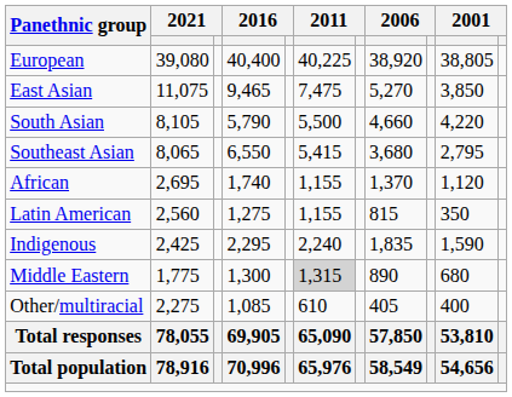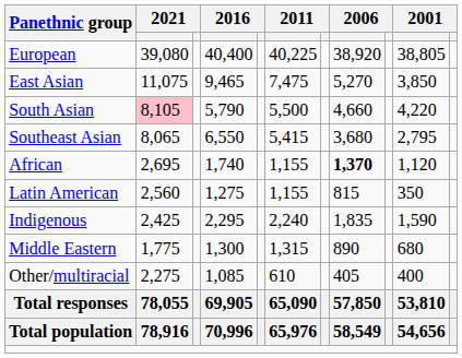 <table class="wikitable collapsible sortable">
 <tr>
 <th rowspan="2"><a href='#'>Panethnic</a> group</th>
 <th colspan="2">2021</th>
 <th colspan="2">2016</th>
 <th colspan="2">2011</th>
 <th colspan="2">2006</th>
 <th colspan="2">2001</th>
 </tr>
 <tr>
 <th><a href='#'></a></th>
 <th></th>
 <th></th>
 <th></th>
 <th></th>
 <th></th>
 <th></th>
 <th></th>
 <th></th>
 <th></th>
 </tr>
 <tr>
 <td><a href='#'>European</a></td>
 <td>39,080</td>
 <td></td>
 <td>40,400</td>
 <td></td>
 <td>40,225</td>
 <td></td>
 <td>38,920</td>
 <td></td>
 <td>38,805</td>
 <td></td>
 </tr>
 <tr>
 <td><a href='#'>East Asian</a></td>
 <td>11,075</td>
 <td></td>
 <td>9,465</td>
 <td></td>
 <td>7,475</td>
 <td></td>
 <td>5,270</td>
 <td></td>
 <td>3,850</td>
 <td></td>
 </tr>
 <tr>
 <td><a href='#'>South Asian</a></td>
-<td>8,105</td>
+<td style="background: pink;">8,105</td>
 <td></td>
 <td>5,790</td>
 <td></td>
 <td>5,500</td>
 <td></td>
 <td>4,660</td>
 <td></td>
 <td>4,220</td>
 <td></td>
 </tr>
 <tr>
 <td><a href='#'>Southeast Asian</a></td>
 <td>8,065</td>
 <td></td>
 <td>6,550</td>
 <td></td>
 <td>5,415</td>
 <td></td>
 <td>3,680</td>
 <td></td>
 <td>2,795</td>
 <td></td>
 </tr>
 <tr>
 <td><a href='#'>African</a></td>
 <td>2,695</td>
 <td></td>
 <td>1,740</td>
 <td></td>
 <td>1,155</td>
 <td></td>
-<td>1,370</td>
+<td><strong>1,370</strong></td>
 <td></td>
 <td>1,120</td>
 <td></td>
 </tr>
 <tr>
 <td><a href='#'>Latin American</a></td>
 <td>2,560</td>
 <td></td>
 <td>1,275</td>
 <td></td>
 <td>1,155</td>
 <td></td>
 <td>815</td>
 <td></td>
 <td>350</td>
 <td></td>
 </tr>
 <tr>
 <td><a href='#'>Indigenous</a></td>
 <td>2,425</td>
 <td></td>
 <td>2,295</td>
 <td></td>
 <td>2,240</td>
 <td></td>
 <td>1,835</td>
 <td></td>
 <td>1,590</td>
 <td></td>
 </tr>
 <tr>
 <td><a href='#'>Middle Eastern</a></td>
 <td>1,775</td>
 <td></td>
 <td>1,300</td>
 <td></td>
-<td style="background: lightgrey;">1,315</td>
+<td>1,315</td>
 <td></td>
 <td>890</td>
 <td></td>
 <td>680</td>
 <td></td>
 </tr>
 <tr>
 <td>Other/<a href='#'>multiracial</a></td>
 <td>2,275</td>
 <td></td>
 <td>1,085</td>
 <td></td>
 <td>610</td>
 <td></td>
 <td>405</td>
 <td></td>
 <td>400</td>
 <td></td>
 </tr>
 <tr>
 <th>Total responses</th>
 <th>78,055</th>
 <th></th>
 <th>69,905</th>
 <th></th>
 <th>65,090</th>
 <th></th>
 <th>57,850</th>
 <th></th>
 <th>53,810</th>
 <th></th>
 </tr>
 <tr class="sortbottom">
 <th>Total population</th>
 <th>78,916</th>
 <th></th>
 <th>70,996</th>
 <th></th>
 <th>65,976</th>
 <th></th>
 <th>58,549</th>
 <th></th>
 <th>54,656</th>
 <th></th>
 </tr>
 <tr class="sortbottom">
 <td colspan="11"></td>
 </tr>
 </table>
